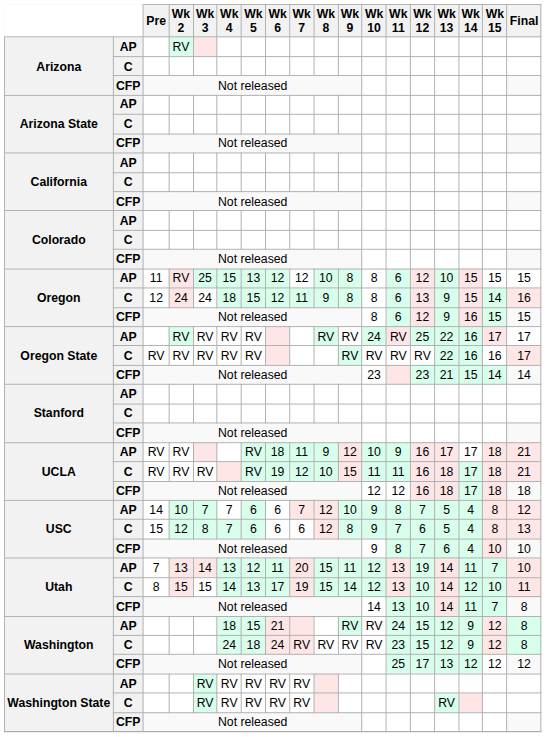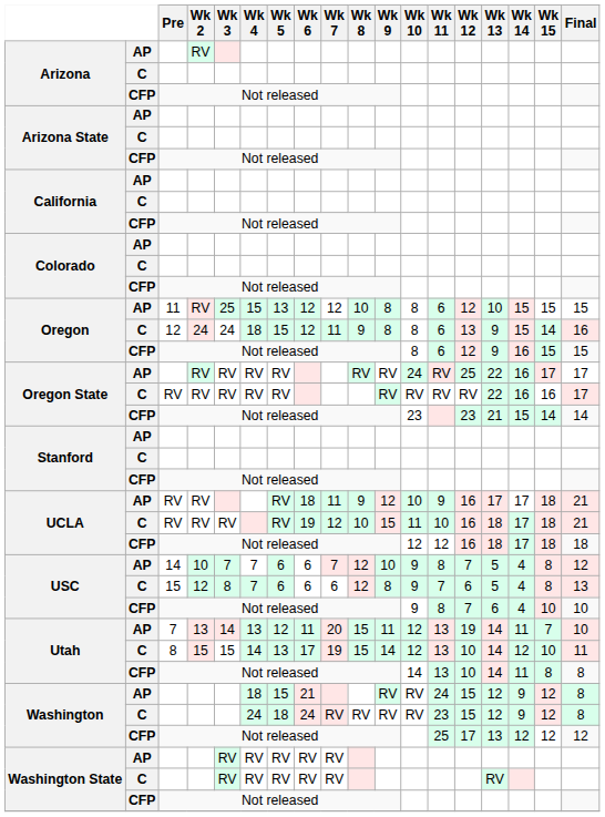 <table class="wikitable" style="white-space:nowrap;font-size:85%;">
 <tr>
 <th colspan=2 style="background:white; border-top-style:hidden; border-left-style:hidden;"> </th>
 <th>Pre</th>
 <th>Wk<br>2</th>
 <th>Wk<br>3</th>
 <th>Wk<br>4</th>
 <th>Wk<br>5</th>
 <th>Wk<br>6</th>
 <th>Wk<br>7</th>
 <th>Wk<br>8</th>
 <th>Wk<br>9</th>
 <th>Wk<br>10</th>
 <th>Wk<br>11</th>
 <th>Wk<br>12</th>
 <th>Wk<br>13</th>
 <th>Wk<br>14</th>
 <th>Wk<br>15</th>
 <th>Final</th>
 </tr>
 <tr style="text-align:center;">
 <th rowspan="3">Arizona</th>
 <th>AP</th>
 <td style="background:#FFF;"></td>
 <td style="background:#D8FFEB;">RV</td>
 <td style="background:#FFE6E6;"></td>
 <td style="background:#FFF;"></td>
 <td style="background:#FFF;"></td>
 <td style="background:#FFF;"></td>
 <td style="background:#FFF;"></td>
 <td style="background:#FFF;"></td>
 <td style="background:#FFF;"></td>
 <td style="background:#FFF;"></td>
 <td style="background:#FFF;"></td>
 <td style="background:#FFF;"></td>
 <td style="background:#FFF;"></td>
 <td style="background:#FFF;"></td>
 <td style="background:#FFF;"></td>
 <td style="background:#FFF;"></td>
 </tr>
 <tr style="text-align:center;">
 <th>C</th>
 <td style="background:#FFF;"></td>
 <td style="background:#FFF;"></td>
 <td style="background:#FFF;"></td>
 <td style="background:#FFF;"></td>
 <td style="background:#FFF;"></td>
 <td style="background:#FFF;"></td>
 <td style="background:#FFF;"></td>
 <td style="background:#FFF;"></td>
 <td style="background:#FFF;"></td>
 <td style="background:#FFF;"></td>
 <td style="background:#FFF;"></td>
 <td style="background:#FFF;"></td>
 <td style="background:#FFF;"></td>
 <td style="background:#FFF;"></td>
 <td style="background:#FFF;"></td>
 <td style="background:#FFF;"></td>
 </tr>
 <tr style="text-align:center;">
 <th>CFP</th>
 <td colspan="9" style="text-align:center;">Not released</td>
 <td style="background:#FFF;"></td>
 <td style="background:#FFF;"></td>
 <td style="background:#FFF;"></td>
 <td style="background:#FFF;"></td>
 <td style="background:#FFF;"></td>
 <td style="background:#FFF;"></td>
 <td style="text-align:center;"></td>
 </tr>
 <tr style="text-align:center;">
 <th rowspan="3">Arizona State</th>
 <th>AP</th>
 <td style="background:#FFF;"></td>
 <td style="background:#FFF;"></td>
 <td style="background:#FFF;"></td>
 <td style="background:#FFF;"></td>
 <td style="background:#FFF;"></td>
 <td style="background:#FFF;"></td>
 <td style="background:#FFF;"></td>
 <td style="background:#FFF;"></td>
 <td style="background:#FFF;"></td>
 <td style="background:#FFF;"></td>
 <td style="background:#FFF;"></td>
 <td style="background:#FFF;"></td>
 <td style="background:#FFF;"></td>
 <td style="background:#FFF;"></td>
 <td style="background:#FFF;"></td>
 <td style="background:#FFF;"></td>
 </tr>
 <tr style="text-align:center;">
 <th>C</th>
 <td style="background:#FFF;"></td>
 <td style="background:#FFF;"></td>
 <td style="background:#FFF;"></td>
 <td style="background:#FFF;"></td>
 <td style="background:#FFF;"></td>
 <td style="background:#FFF;"></td>
 <td style="background:#FFF;"></td>
 <td style="background:#FFF;"></td>
 <td style="background:#FFF;"></td>
 <td style="background:#FFF;"></td>
 <td style="background:#FFF;"></td>
 <td style="background:#FFF;"></td>
 <td style="background:#FFF;"></td>
 <td style="background:#FFF;"></td>
 <td style="background:#FFF;"></td>
 <td style="background:#FFF;"></td>
 </tr>
 <tr style="text-align:center;">
 <th>CFP</th>
 <td colspan="9" style="text-align:center;">Not released</td>
 <td style="background:#FFF;"></td>
 <td style="background:#FFF;"></td>
 <td style="background:#FFF;"></td>
 <td style="background:#FFF;"></td>
 <td style="background:#FFF;"></td>
 <td style="background:#FFF;"></td>
 <td style="text-align:center;"></td>
 </tr>
 <tr style="text-align:center;">
 <th rowspan="3">California</th>
 <th>AP</th>
 <td style="background:#FFF;"></td>
 <td style="background:#FFF;"></td>
 <td style="background:#FFF;"></td>
 <td style="background:#FFF;"></td>
 <td style="background:#FFF;"></td>
 <td style="background:#FFF;"></td>
 <td style="background:#FFF;"></td>
 <td style="background:#FFF;"></td>
 <td style="background:#FFF;"></td>
 <td style="background:#FFF;"></td>
 <td style="background:#FFF;"></td>
 <td style="background:#FFF;"></td>
 <td style="background:#FFF;"></td>
 <td style="background:#FFF;"></td>
 <td style="background:#FFF;"></td>
 <td style="background:#FFF;"></td>
 </tr>
 <tr style="text-align:center;">
 <th>C</th>
 <td style="background:#FFF;"></td>
 <td style="background:#FFF;"></td>
 <td style="background:#FFF;"></td>
 <td style="background:#FFF;"></td>
 <td style="background:#FFF;"></td>
 <td style="background:#FFF;"></td>
 <td style="background:#FFF;"></td>
 <td style="background:#FFF;"></td>
 <td style="background:#FFF;"></td>
 <td style="background:#FFF;"></td>
 <td style="background:#FFF;"></td>
 <td style="background:#FFF;"></td>
 <td style="background:#FFF;"></td>
 <td style="background:#FFF;"></td>
 <td style="background:#FFF;"></td>
 <td style="background:#FFF;"></td>
 </tr>
 <tr style="text-align:center;">
 <th>CFP</th>
 <td colspan="9" style="text-align:center;">Not released</td>
 <td style="background:#FFF;"></td>
 <td style="background:#FFF;"></td>
 <td style="background:#FFF;"></td>
 <td style="background:#FFF;"></td>
 <td style="background:#FFF;"></td>
 <td style="background:#FFF;"></td>
 <td style="text-align:center;"></td>
 </tr>
 <tr style="text-align:center;">
 <th rowspan="3">Colorado</th>
 <th>AP</th>
 <td style="background:#FFF;"></td>
 <td style="background:#FFF;"></td>
 <td style="background:#FFF;"></td>
 <td style="background:#FFF;"></td>
 <td style="background:#FFF;"></td>
 <td style="background:#FFF;"></td>
 <td style="background:#FFF;"></td>
 <td style="background:#FFF;"></td>
 <td style="background:#FFF;"></td>
 <td style="background:#FFF;"></td>
 <td style="background:#FFF;"></td>
 <td style="background:#FFF;"></td>
 <td style="background:#FFF;"></td>
 <td style="background:#FFF;"></td>
 <td style="background:#FFF;"></td>
 <td style="background:#FFF;"></td>
 </tr>
 <tr style="text-align:center;">
 <th>C</th>
 <td style="background:#FFF;"></td>
 <td style="background:#FFF;"></td>
 <td style="background:#FFF;"></td>
 <td style="background:#FFF;"></td>
 <td style="background:#FFF;"></td>
 <td style="background:#FFF;"></td>
 <td style="background:#FFF;"></td>
 <td style="background:#FFF;"></td>
 <td style="background:#FFF;"></td>
 <td style="background:#FFF;"></td>
 <td style="background:#FFF;"></td>
 <td style="background:#FFF;"></td>
 <td style="background:#FFF;"></td>
 <td style="background:#FFF;"></td>
 <td style="background:#FFF;"></td>
 <td style="background:#FFF;"></td>
 </tr>
 <tr style="text-align:center;">
 <th>CFP</th>
 <td colspan="9" style="text-align:center;">Not released</td>
 <td style="background:#FFF;"></td>
 <td style="background:#FFF;"></td>
 <td style="background:#FFF;"></td>
 <td style="background:#FFF;"></td>
 <td style="background:#FFF;"></td>
 <td style="background:#FFF;"></td>
 <td style="text-align:center;"></td>
 </tr>
 <tr style="text-align:center;">
 <th rowspan="3">Oregon</th>
 <th>AP</th>
 <td style="background:#FFF;">11</td>
 <td style="background:#FFE6E6;">RV</td>
 <td style="background:#D8FFEB;">25</td>
 <td style="background:#D8FFEB;">15</td>
 <td style="background:#D8FFEB;">13</td>
 <td style="background:#D8FFEB;">12</td>
 <td style="background:#FFF;">12</td>
 <td style="background:#D8FFEB;">10</td>
 <td style="background:#D8FFEB;">8</td>
 <td style="background:#FFF;">8</td>
 <td style="background:#D8FFEB;">6</td>
 <td style="background:#FFE6E6;">12</td>
 <td style="background:#D8FFEB;">10</td>
 <td style="background:#FFE6E6;">15</td>
 <td style="background:#FFF;">15</td>
 <td style="background:#FFF;">15</td>
 </tr>
 <tr style="text-align:center;">
 <th>C</th>
 <td style="background:#FFF;">12</td>
 <td style="background:#FFE6E6;">24</td>
 <td style="background:#FFF;">24</td>
 <td style="background:#D8FFEB;">18</td>
 <td style="background:#D8FFEB;">15</td>
 <td style="background:#D8FFEB;">12</td>
 <td style="background:#D8FFEB;">11</td>
 <td style="background:#D8FFEB;">9</td>
 <td style="background:#D8ffeb;">8</td>
 <td style="background:#FFF;">8</td>
 <td style="background:#D8ffeb;">6</td>
 <td style="background:#FFE6E6;">13</td>
 <td style="background:#D8ffeb;">9</td>
 <td style="background:#FFE6E6;">15</td>
 <td style="background:#D8FFEB;">14</td>
 <td style="background:#FFE6E6;">16</td>
 </tr>
 <tr style="text-align:center;">
 <th>CFP</th>
 <td colspan="9" style="text-align:center;">Not released</td>
 <td style="background:#FFF;">8</td>
 <td style="background:#D8FFeB;">6</td>
 <td style="background:#FFE6E6;">12</td>
 <td style="background:#D8FFEB;">9</td>
 <td style="background:#FFE6E6;">16</td>
 <td style="background:#D8FFEB;">15</td>
 <td style="text-align:center;">15</td>
 </tr>
 <tr style="text-align:center;">
 <th rowspan="3">Oregon State</th>
 <th>AP</th>
 <td style="background:#FFF;"></td>
 <td style="background:#D8FFEB;">RV</td>
 <td style="background:#FFF;">RV</td>
 <td style="background:#FFF;">RV</td>
 <td style="background:#FFF;">RV</td>
 <td style="background:#FFE6E6;"></td>
 <td style="background:#FFF;"></td>
 <td style="background:#D8FFEB;">RV</td>
 <td style="background:#FFF;">RV</td>
 <td style="background:#D8FFEB;">24</td>
 <td style="background:#FFE6E6;">RV</td>
 <td style="background:#D8FFEB;">25</td>
 <td style="background:#D8FFEB;">22</td>
 <td style="background:#D8FFEB;">16</td>
 <td style="background:#FFE6E6;">17</td>
 <td style="background:#FFF;">17</td>
 </tr>
 <tr style="text-align:center;">
 <th>C</th>
 <td style="background:#FFF;">RV</td>
 <td style="background:#FFF;">RV</td>
 <td style="background:#FFF;">RV</td>
 <td style="background:#FFF;">RV</td>
 <td style="background:#FFF;">RV</td>
 <td style="background:#FFE6E6;"></td>
 <td style="background:#FFF;"></td>
 <td style="background:#FFF;"></td>
 <td style="background:#D8FFEB;">RV</td>
 <td style="background:#FFF;">RV</td>
 <td style="background:#FFF;">RV</td>
 <td style="background:#FFF;">RV</td>
 <td style="background:#D8FFEB;">22</td>
 <td style="background:#D8FFEB;">16</td>
 <td style="background:#FFF;">16</td>
 <td style="background:#FFE6E6;">17</td>
 </tr>
 <tr style="text-align:center;">
 <th>CFP</th>
 <td colspan="9" style="text-align:center;">Not released</td>
 <td style="background:#FFF;">23</td>
 <td style="background:#FFE6E6;"></td>
 <td style="background:#D8FFEB;">23</td>
 <td style="background:#D8FFEB;">21</td>
 <td style="background:#D8FFEB;">15</td>
 <td style="background:#D8FFEB;">14</td>
 <td style="text-align:center;">14</td>
 </tr>
 <tr style="text-align:center;">
 <th rowspan="3">Stanford</th>
 <th>AP</th>
 <td style="background:#FFF;"></td>
 <td style="background:#FFF;"></td>
 <td style="background:#FFF;"></td>
 <td style="background:#FFF;"></td>
 <td style="background:#FFF;"></td>
 <td style="background:#FFF;"></td>
 <td style="background:#FFF;"></td>
 <td style="background:#FFF;"></td>
 <td style="background:#FFF;"></td>
 <td style="background:#FFF;"></td>
 <td style="background:#FFF;"></td>
 <td style="background:#FFF;"></td>
 <td style="background:#FFF;"></td>
 <td style="background:#FFF;"></td>
 <td style="background:#FFF;"></td>
 <td style="background:#FFF;"></td>
 </tr>
 <tr style="text-align:center;">
 <th>C</th>
 <td style="background:#FFF;"></td>
 <td style="background:#FFF;"></td>
 <td style="background:#FFF;"></td>
 <td style="background:#FFF;"></td>
 <td style="background:#FFF;"></td>
 <td style="background:#FFF;"></td>
 <td style="background:#FFF;"></td>
 <td style="background:#FFF;"></td>
 <td style="background:#FFF;"></td>
 <td style="background:#FFF;"></td>
 <td style="background:#FFF;"></td>
 <td style="background:#FFF;"></td>
 <td style="background:#FFF;"></td>
 <td style="background:#FFF;"></td>
 <td style="background:#FFF;"></td>
 <td style="background:#FFF;"></td>
 </tr>
 <tr style="text-align:center;">
 <th>CFP</th>
 <td colspan="9" style="text-align:center;">Not released</td>
 <td style="background:#FFF;"></td>
 <td style="background:#FFF;"></td>
 <td style="background:#FFF;"></td>
 <td style="background:#FFF;"></td>
 <td style="background:#FFF;"></td>
 <td style="background:#FFF;"></td>
 <td style="text-align:center;"></td>
 </tr>
 <tr style="text-align:center;">
 <th rowspan="3">UCLA</th>
 <th>AP</th>
 <td style="background:#FFF;">RV</td>
 <td style="background:#FFF;">RV</td>
 <td style="background:#FFE6E6;"></td>
 <td style="background:#FFF;"></td>
 <td style="background:#D8FFEB;">RV</td>
 <td style="background:#D8FFEB;">18</td>
 <td style="background:#D8FFEB;">11</td>
 <td style="background:#D8FFEB;">9</td>
 <td style="background:#FFE6E6;">12</td>
 <td style="background:#D8FFEB;">10</td>
 <td style="background:#D8FFEB;">9</td>
 <td style="background:#FFE6E6;">16</td>
 <td style="background:#FFE6E6;">17</td>
 <td style="background:#FFF;">17</td>
 <td style="background:#FFE6E6;">18</td>
 <td style="background:#FFE6E6;">21</td>
 </tr>
 <tr style="text-align:center;">
 <th>C</th>
 <td style="background:#FFF;">RV</td>
 <td style="background:#FFF;">RV</td>
 <td style="background:#FFF;">RV</td>
 <td style="background:#FFE6E6;"></td>
 <td style="background:#D8FFEB;">RV</td>
 <td style="background:#D8FFEB;">19</td>
 <td style="background:#D8FFEB;">12</td>
 <td style="background:#D8FFEB;">10</td>
 <td style="background:#FFE6E6;">15</td>
 <td style="background:#D8FFEb;">11</td>
-<td style="background:#D8FFEB;">11</td>
+<td style="background:#D8FFEB;">10</td>
 <td style="background:#FFE6E6;">16</td>
 <td style="background:#FFE6E6;">18</td>
 <td style="background:#D8FFEB;">17</td>
 <td style="background:#FFE6E6;">18</td>
 <td style="background:#FFE6E6;">21</td>
 </tr>
 <tr style="text-align:center;">
 <th>CFP</th>
 <td colspan="9" style="text-align:center;">Not released</td>
 <td style="background:#FFF;">12</td>
 <td style="background:#FFF;">12</td>
 <td style="background:#FFE6E6;">16</td>
 <td style="background:#FFE6E6;">18</td>
 <td style="background:#D8FFEB;">17</td>
 <td style="background:#FFE6E6;">18</td>
 <td style="text-align:center;">18</td>
 </tr>
 <tr style="text-align:center;">
 <th rowspan="3">USC</th>
 <th>AP</th>
 <td style="background:#FFF;">14</td>
 <td style="background:#D8FFEB;">10</td>
 <td style="background:#D8FFEB;">7</td>
 <td style="background:#FFF;">7</td>
 <td style="background:#D8FFEB;">6</td>
 <td style="background:#FFF;">6</td>
 <td style="background:#FFE6E6;">7</td>
 <td style="background:#FFE6E6;">12</td>
 <td style="background:#D8FFEB;">10</td>
 <td style="background:#D8FFEB;">9</td>
 <td style="background:#D8FFEB;">8</td>
 <td style="background:#D8FFEB;">7</td>
 <td style="background:#D8FFEB;">5</td>
 <td style="background:#D8FFEB;">4</td>
 <td style="background:#FFE6E6;">8</td>
 <td style="background:#FFE6E6;">12</td>
 </tr>
 <tr style="text-align:center;">
 <th>C</th>
 <td style="background:#FFF;">15</td>
 <td style="background:#D8FFEB;">12</td>
 <td style="background:#D8FFEB;">8</td>
 <td style="background:#D8FFEB;">7</td>
 <td style="background:#D8FFEB;">6</td>
 <td style="background:#FFF;">6</td>
 <td style="background:#FFF;">6</td>
 <td style="background:#FFE6E6;">12</td>
 <td style="background:#D8FFEB;">8</td>
 <td style="background:#D8FFEB;">9</td>
 <td style="background:#D8FFEB;">7</td>
 <td style="background:#D8FFEB;">6</td>
 <td style="background:#D8FFEB;">5</td>
 <td style="background:#D8FFEB;">4</td>
 <td style="background:#FFE6E6;">8</td>
 <td style="background:#FFE6E6;">13</td>
 </tr>
 <tr style="text-align:center;">
 <th>CFP</th>
 <td colspan="9" style="text-align:center;">Not released</td>
 <td style="background:#FFF;">9</td>
 <td style="background:#D8FFEB;">8</td>
 <td style="background:#D8FFEB;">7</td>
 <td style="background:#D8FFEB;">6</td>
 <td style="background:#D8FFEB;">4</td>
 <td style="background:#FFE6E6;">10</td>
 <td style="text-align:center;">10</td>
 </tr>
 <tr style="text-align:center;">
 <th rowspan="3">Utah</th>
 <th>AP</th>
 <td style="background:#FFF;">7</td>
 <td style="background:#FFE6E6;">13</td>
 <td style="background:#FFE6E6;">14</td>
 <td style="background:#D8FFEB;">13</td>
 <td style="background:#D8FFEB;">12</td>
 <td style="background:#D8FFEB;">11</td>
 <td style="background:#FFE6E6;">20</td>
 <td style="background:#D8FFEB;">15</td>
 <td style="background:#D8FFEB;">11</td>
 <td style="background:#D8FFEB;">12</td>
 <td style="background:#FFE6E6;">13</td>
 <td style="background:#D8FFEB;">19</td>
 <td style="background:#FFE6E6;">14</td>
 <td style="background:#D8FFEB;">11</td>
 <td style="background:#D8FFEB;">7</td>
 <td style="background:#FFE6E6;">10</td>
 </tr>
 <tr style="text-align:center;">
 <th>C</th>
 <td style="background:#FFF;">8</td>
 <td style="background:#FFE6E6;">15</td>
 <td style="background:#FFF;">15</td>
 <td style="background:#D8FFEB;">14</td>
 <td style="background:#D8FFEB;">13</td>
 <td style="background:#D8FFEb;">17</td>
 <td style="background:#FFE6E6;">19</td>
 <td style="background:#D8FFEB;">15</td>
 <td style="background:#D8FFEB;">14</td>
 <td style="background:#D8FFEB;">12</td>
 <td style="background:#FFE6E6;">13</td>
 <td style="background:#D8FFEB;">10</td>
 <td style="background:#FFE6E6;">14</td>
 <td style="background:#D8FFEB;">12</td>
 <td style="background:#D8FFEB;">10</td>
 <td style="background:#FFE6E6;">11</td>
 </tr>
 <tr style="text-align:center;">
 <th>CFP</th>
 <td colspan="9" style="text-align:center;">Not released</td>
 <td style="background:#FFF;">14</td>
 <td style="background:#D8FFEB;">13</td>
 <td style="background:#D8FFEB;">10</td>
 <td style="background:#FFE6E6;">14</td>
 <td style="background:#D8FFEB;">11</td>
-<td style="background:#D8FFeB;">7</td>
+<td style="background:#D8FFeB;">8</td>
 <td style="text-align:center;">8</td>
 </tr>
 <tr style="text-align:center;">
 <th rowspan="3">Washington</th>
 <th>AP</th>
 <td style="background:#FFF;"></td>
 <td style="background:#FFF;"></td>
 <td style="background:#FFF;"></td>
 <td style="background:#D8FFEB;">18</td>
 <td style="background:#D8FFEB;">15</td>
 <td style="background:#FFE6E6;">21</td>
 <td style="background:#FFE6E6;"></td>
 <td style="background:#FFF;"></td>
 <td style="background:#D8FFEB;">RV</td>
 <td style="background:#FFF;">RV</td>
 <td style="background:#D8FFEB;">24</td>
 <td style="background:#D8FFEB;">15</td>
 <td style="background:#D8FFEB;">12</td>
 <td style="background:#D8FFEB;">9</td>
 <td style="background:#FFE6E6;">12</td>
 <td style="background:#D8FFEB;">8</td>
 </tr>
 <tr style="text-align:center;">
 <th>C</th>
 <td style="background:#FFF;"></td>
 <td style="background:#FFF;"></td>
 <td style="background:#FFF;"></td>
 <td style="background:#D8FFEB;">24</td>
 <td style="background:#D8FFEB;">18</td>
 <td style="background:#FFE6E6;">24</td>
 <td style="background:#FFE6E6;">RV</td>
 <td style="background:#FFF;">RV</td>
 <td style="background:#FFF;">RV</td>
 <td style="background:#FFF;">RV</td>
 <td style="background:#D8FFeB;">23</td>
 <td style="background:#D8FFEB;">15</td>
 <td style="background:#D8FFEB;">12</td>
 <td style="background:#D8FFEB;">9</td>
 <td style="background:#FFE6E6;">12</td>
 <td style="background:#D8FFEB;">8</td>
 </tr>
 <tr style="text-align:center;">
 <th>CFP</th>
 <td colspan="9" style="text-align:center;">Not released</td>
 <td style="background:#FFF;"></td>
 <td style="background:#D8FFEB;">25</td>
 <td style="background:#D8FFEB;">17</td>
 <td style="background:#D8FFEB;">13</td>
 <td style="background:#D8FFEB;">12</td>
 <td style="background:#FFF;">12</td>
 <td style="text-align:center;">12</td>
 </tr>
 <tr style="text-align:center;">
 <th rowspan="3">Washington State</th>
 <th>AP</th>
 <td style="background:#FFF;"></td>
 <td style="background:#FFF;"></td>
 <td style="background:#D8FFEB;">RV</td>
 <td style="background:#FFF;">RV</td>
 <td style="background:#FFF;">RV</td>
 <td style="background:#FFF;">RV</td>
 <td style="background:#FFF;">RV</td>
 <td style="background:#FFE6E6;"></td>
 <td style="background:#FFF;"></td>
 <td style="background:#FFF;"></td>
 <td style="background:#FFF;"></td>
 <td style="background:#FFF;"></td>
 <td style="background:#FFF;"></td>
 <td style="background:#FFF;"></td>
 <td style="background:#FFF;"></td>
 <td style="background:#FFF;"></td>
 </tr>
 <tr style="text-align:center;">
 <th>C</th>
 <td style="background:#FFF;"></td>
 <td style="background:#FFF;"></td>
 <td style="background:#D8FFEB;">RV</td>
 <td style="background:#FFF;">RV</td>
 <td style="background:#FFF;">RV</td>
 <td style="background:#FFF;">RV</td>
 <td style="background:#FFF;">RV</td>
 <td style="background:#FFE6e6;"></td>
 <td style="background:#FFF;"></td>
 <td style="background:#FFF;"></td>
 <td style="background:#FFF;"></td>
 <td style="background:#FFF;"></td>
 <td style="background:#D8FFEB;">RV</td>
 <td style="background:#FFE6E6;"></td>
 <td style="background:#FFF;"></td>
 <td style="background:#FFF;"></td>
 </tr>
 <tr style="text-align:center;">
 <th>CFP</th>
 <td colspan="9" style="text-align:center;">Not released</td>
 <td style="background:#FFF;"></td>
 <td style="background:#FFF;"></td>
 <td style="background:#FFF;"></td>
 <td style="background:#FFF;"></td>
 <td style="background:#FFF;"></td>
 <td style="background:#FFF;"></td>
 <td style="text-align:center;"></td>
 </tr>
 <tr style="text-align:center;">
 </tr>
 </table>
